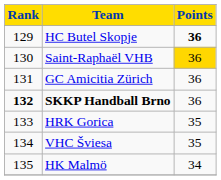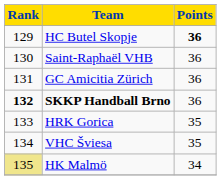 <table class="wikitable" style="text-align: center">
 <tr>
 <th style="color:#0038AF; background:#FFDD00">Rank</th>
 <th style="color:#0038AF; background:#FFDD00">Team</th>
 <th style="color:#0038AF; background:#FFDD00">Points</th>
 </tr>
 <tr>
 <td>129</td>
 <td align=left> <a href='#'>HC Butel Skopje</a></td>
 <td><strong>36</strong></td>
 </tr>
 <tr>
 <td>130</td>
 <td align=left> <a href='#'>Saint-Raphaël VHB</a></td>
-<td style="background: gold;">36</td>
+<td>36</td>
 </tr>
 <tr>
 <td>131</td>
 <td align=left> <a href='#'>GC Amicitia Zürich</a></td>
 <td>36</td>
 </tr>
 <tr>
 <td><strong>132</strong></td>
 <td align=left> <strong>SKKP Handball Brno</strong></td>
 <td>36</td>
 </tr>
 <tr>
 <td>133</td>
 <td align=left> <a href='#'>HRK Gorica</a></td>
 <td>35</td>
 </tr>
 <tr>
 <td>134</td>
 <td align=left> <a href='#'>VHC Šviesa</a></td>
 <td>35</td>
 </tr>
 <tr>
-<td>135</td>
+<td style="background: khaki;">135</td>
 <td align=left> <a href='#'>HK Malmö</a></td>
 <td>34</td>
 </tr>
 <tr>
 </tr>
 </table>
